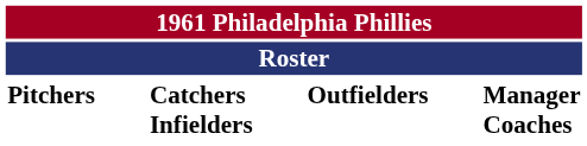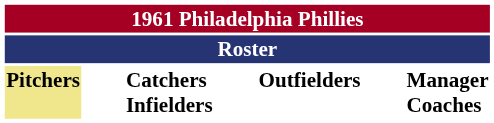 <table class="toccolours" style="font-size: 95%;">
 <tr>
 <th colspan="10" style="background-color: #A50024; color: white; text-align: center;">1961 Philadelphia Phillies</th>
 </tr>
 <tr>
 <td colspan="10" style="background-color: #263473; color: white; text-align: center;"><strong>Roster</strong></td>
 </tr>
 <tr>
-<td valign="top"><strong>Pitchers</strong><br>            </td>
+<td valign="top" style="background: khaki;"><strong>Pitchers</strong><br>            </td>
 <td width="25px"></td>
 <td valign="top"><strong>Catchers</strong><br>      <strong>Infielders</strong>          </td>
 <td width="25px"></td>
 <td valign="top"><strong>Outfielders</strong><br>        </td>
 <td width="25px"></td>
 <td valign="top"><strong>Manager</strong><br> <strong>Coaches</strong>   </td>
 </tr>
 <tr>
 </tr>
 </table>
